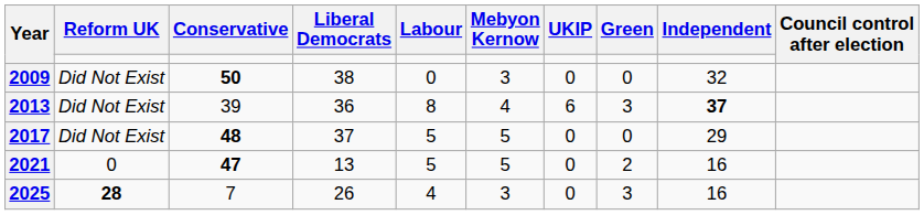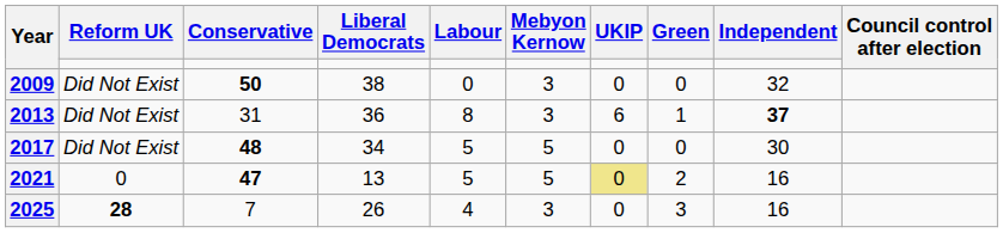 <table class="wikitable plainrowheaders" style="text-align:center">
 <tr>
 <th scope="col" rowspan="2">Year</th>
 <th scope="col"><a href='#'>Reform UK</a></th>
 <th scope="col"><a href='#'>Conservative</a></th>
 <th scope="col" style="width:1px"><a href='#'>Liberal Democrats</a></th>
 <th scope="col"><a href='#'>Labour</a></th>
 <th scope="col" style="width:1px"><a href='#'>Mebyon Kernow</a></th>
 <th scope="col"><a href='#'>UKIP</a></th>
 <th scope="col"><a href='#'>Green</a></th>
 <th scope="col"><a href='#'>Independent</a></th>
 <th scope="col" rowspan="2" colspan="2">Council control<br>after election</th>
 </tr>
 <tr>
 <td style="background:"></td>
 <td style="background:"></td>
 <td style="background:"></td>
 <td style="background:"></td>
 <td style="background:"></td>
 <td style="background:"></td>
 <td style="background:"></td>
 <td style="background:"></td>
 </tr>
 <tr>
 <th scope="row"><a href='#'>2009</a></th>
 <td><em>Did Not Exist</em></td>
 <td><strong>50</strong></td>
 <td>38</td>
 <td>0</td>
 <td>3</td>
 <td>0</td>
 <td>0</td>
 <td>32</td>
 <td></td>
 </tr>
 <tr>
 <th scope="row"><a href='#'>2013</a></th>
 <td><em>Did Not Exist</em></td>
-<td>39</td>
+<td>31</td>
 <td>36</td>
 <td>8</td>
-<td>4</td>
+<td>3</td>
 <td>6</td>
-<td>3</td>
+<td>1</td>
 <td><strong>37</strong></td>
 <td></td>
 </tr>
 <tr>
 <th scope="row"><a href='#'>2017</a></th>
 <td><em>Did Not Exist</em></td>
 <td><strong>48</strong></td>
-<td>37</td>
+<td>34</td>
 <td>5</td>
 <td>5</td>
 <td>0</td>
 <td>0</td>
-<td>29</td>
+<td>30</td>
 <td></td>
 </tr>
 <tr>
 <th scope="row"><a href='#'>2021</a></th>
 <td>0</td>
 <td><strong>47</strong></td>
 <td>13</td>
 <td>5</td>
 <td>5</td>
-<td>0</td>
+<td style="background: khaki;">0</td>
 <td>2</td>
 <td>16</td>
 <td></td>
 </tr>
 <tr>
 <th scope="row"><a href='#'>2025</a></th>
 <td><strong>28</strong></td>
 <td>7</td>
 <td>26</td>
 <td>4</td>
 <td>3</td>
 <td>0</td>
 <td>3</td>
 <td>16</td>
 <td></td>
 </tr>
 </table>
